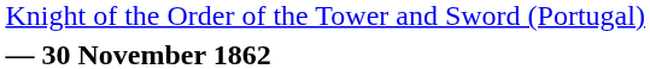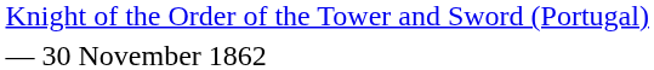 <table>
 <tr>
 <td rowspan=2 style="width:60px; vertical-align:top;"></td>
 <td><a href='#'>Knight of the Order of the Tower and Sword (Portugal)</a></td>
 </tr>
 <tr>
-<td><strong>— 30 November 1862</strong></td>
+<td>— 30 November 1862</td>
 </tr>
 </table>
